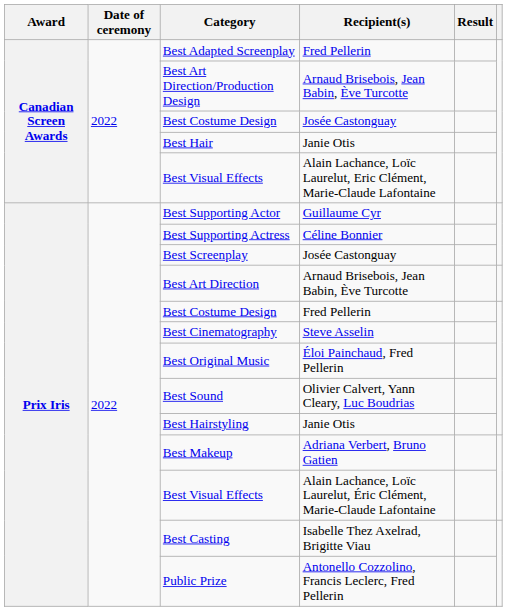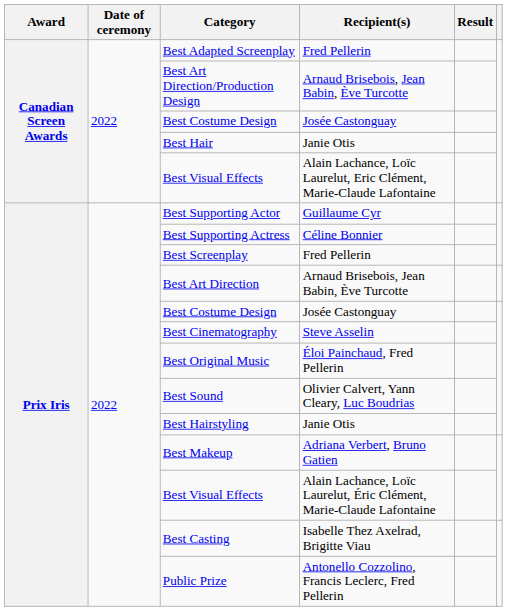 <table class="wikitable plainrowheaders">
 <tr>
 <th scope="col">Award</th>
 <th scope="col">Date of ceremony</th>
 <th scope="col">Category</th>
 <th scope="col">Recipient(s)</th>
 <th scope="col">Result</th>
 <th scope="col" class="unsortable"></th>
 </tr>
 <tr>
 <th scope="row" rowspan=5><a href='#'>Canadian Screen Awards</a></th>
 <td rowspan=5><a href='#'>2022</a></td>
 <td><a href='#'>Best Adapted Screenplay</a></td>
 <td><a href='#'>Fred Pellerin</a></td>
 <td></td>
 <td style="text-align:center;" rowspan=5></td>
 </tr>
 <tr>
 <td><a href='#'>Best Art Direction/Production Design</a></td>
 <td><a href='#'>Arnaud Brisebois</a>, <a href='#'>Jean Babin</a>, <a href='#'>Ève Turcotte</a></td>
 <td></td>
 </tr>
 <tr>
 <td><a href='#'>Best Costume Design</a></td>
 <td><a href='#'>Josée Castonguay</a></td>
 <td></td>
 </tr>
 <tr>
 <td><a href='#'>Best Hair</a></td>
 <td>Janie Otis</td>
 <td></td>
 </tr>
 <tr>
 <td><a href='#'>Best Visual Effects</a></td>
 <td>Alain Lachance, Loïc Laurelut, Eric Clément, Marie-Claude Lafontaine</td>
 <td></td>
 </tr>
 <tr>
 <th scope="row" rowspan=13><a href='#'>Prix Iris</a></th>
 <td rowspan=13><a href='#'>2022</a></td>
 <td><a href='#'>Best Supporting Actor</a></td>
 <td><a href='#'>Guillaume Cyr</a></td>
 <td></td>
 <td rowspan=3 align=center></td>
 </tr>
 <tr>
 <td><a href='#'>Best Supporting Actress</a></td>
 <td><a href='#'>Céline Bonnier</a></td>
 <td></td>
 </tr>
 <tr>
 <td><a href='#'>Best Screenplay</a></td>
-<td>Josée Castonguay</td>
+<td>Fred Pellerin</td>
 <td></td>
 </tr>
 <tr>
 <td><a href='#'>Best Art Direction</a></td>
 <td>Arnaud Brisebois, Jean Babin, Ève Turcotte</td>
 <td></td>
 <td align=center></td>
 </tr>
 <tr>
 <td><a href='#'>Best Costume Design</a></td>
-<td>Fred Pellerin</td>
+<td>Josée Castonguay</td>
 <td></td>
 <td rowspan=5 align=center></td>
 </tr>
 <tr>
 <td><a href='#'>Best Cinematography</a></td>
 <td><a href='#'>Steve Asselin</a></td>
 <td></td>
 </tr>
 <tr>
 <td><a href='#'>Best Original Music</a></td>
 <td><a href='#'>Éloi Painchaud</a>, Fred Pellerin</td>
 <td></td>
 </tr>
 <tr>
 <td><a href='#'>Best Sound</a></td>
 <td>Olivier Calvert, Yann Cleary, <a href='#'>Luc Boudrias</a></td>
 <td></td>
 </tr>
 <tr>
 <td><a href='#'>Best Hairstyling</a></td>
 <td>Janie Otis</td>
 <td></td>
 </tr>
 <tr>
 <td><a href='#'>Best Makeup</a></td>
 <td><a href='#'>Adriana Verbert</a>, <a href='#'>Bruno Gatien</a></td>
 <td></td>
 <td rowspan=2 align=center></td>
 </tr>
 <tr>
 <td><a href='#'>Best Visual Effects</a></td>
 <td>Alain Lachance, Loïc Laurelut, Éric Clément, Marie-Claude Lafontaine</td>
 <td></td>
 </tr>
 <tr>
 <td><a href='#'>Best Casting</a></td>
 <td>Isabelle Thez Axelrad, Brigitte Viau</td>
 <td></td>
 <td rowspan=2 align=center></td>
 </tr>
 <tr>
 <td><a href='#'>Public Prize</a></td>
 <td><a href='#'>Antonello Cozzolino</a>, Francis Leclerc, Fred Pellerin</td>
 <td></td>
 </tr>
 </table>
